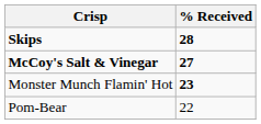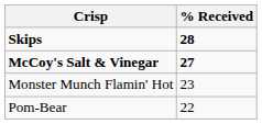 <table class="wikitable">
 <tr>
 <th>Crisp</th>
 <th>% Received</th>
 </tr>
 <tr>
 <td><strong>Skips</strong></td>
 <td><strong>28</strong></td>
 </tr>
 <tr>
 <td><strong>McCoy's Salt & Vinegar</strong></td>
 <td><strong>27</strong></td>
 </tr>
 <tr>
 <td>Monster Munch Flamin' Hot</td>
-<td><strong>23</strong></td>
+<td>23</td>
 </tr>
 <tr>
 <td>Pom-Bear</td>
 <td>22</td>
 </tr>
 </table>
